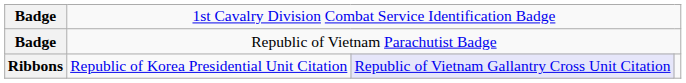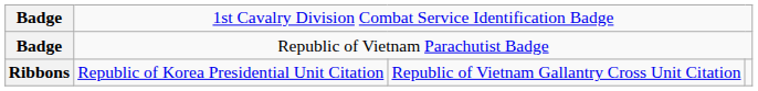 <table class="wikitable" style="margin:1em auto; text-align:center;">
 <tr>
 <th>Badge</th>
 <td align=center colspan="3"><a href='#'>1st Cavalry Division</a> <a href='#'>Combat Service Identification Badge</a></td>
 </tr>
 <tr>
 <th>Badge</th>
 <td align=center colspan="3">Republic of Vietnam <a href='#'>Parachutist Badge</a></td>
 </tr>
 <tr>
 <th>Ribbons</th>
 <td><a href='#'>Republic of Korea Presidential Unit Citation</a></td>
-<td style="background: lavender;"><a href='#'>Republic of Vietnam Gallantry Cross Unit Citation</a></td>
+<td><a href='#'>Republic of Vietnam Gallantry Cross Unit Citation</a></td>
 <td></td>
 </tr>
 </table>
